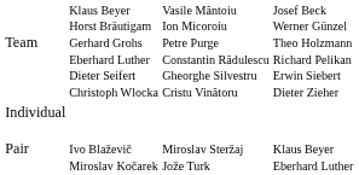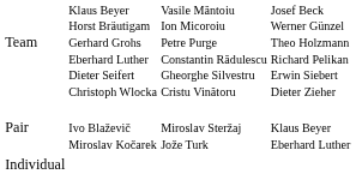 <table>
 <tr>
 <td>Team</td>
 <td><br><small>Klaus Beyer<br>Horst Bräutigam<br>Gerhard Grohs<br>Eberhard Luther<br>Dieter Seifert<br>Christoph Wlocka</small></td>
 <td><br><small>Vasile Măntoiu<br>Ion Micoroiu<br>Petre Purge<br>Constantin Rădulescu<br>Gheorghe Silvestru<br>Cristu Vinătoru</small></td>
 <td><br><small>Josef Beck<br>Werner Günzel<br>Theo Holzmann<br>Richard Pelikan<br>Erwin Siebert<br>Dieter Zieher</small></td>
 </tr>
 <tr>
+<td>Pair</td>
+<td><br><small>Ivo Blaževič<br>Miroslav Kočarek</small></td>
+<td><br><small>Miroslav Steržaj<br>Jože Turk</small></td>
+<td><br><small>Klaus Beyer<br>Eberhard Luther</small></td>
+</tr>
+<tr>
 <td>Individual</td>
 <td></td>
 <td></td>
 <td></td>
 </tr>
-<tr>
-<td>Pair</td>
-<td><br><small>Ivo Blaževič<br>Miroslav Kočarek</small></td>
-<td><br><small>Miroslav Steržaj<br>Jože Turk</small></td>
-<td><br><small>Klaus Beyer<br>Eberhard Luther</small></td>
-</tr>
 </table>
